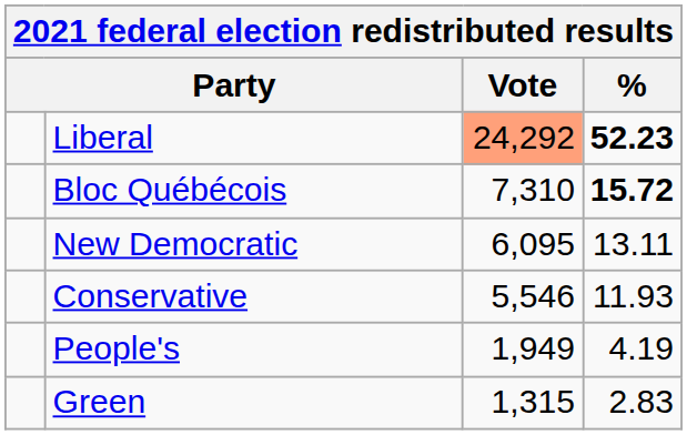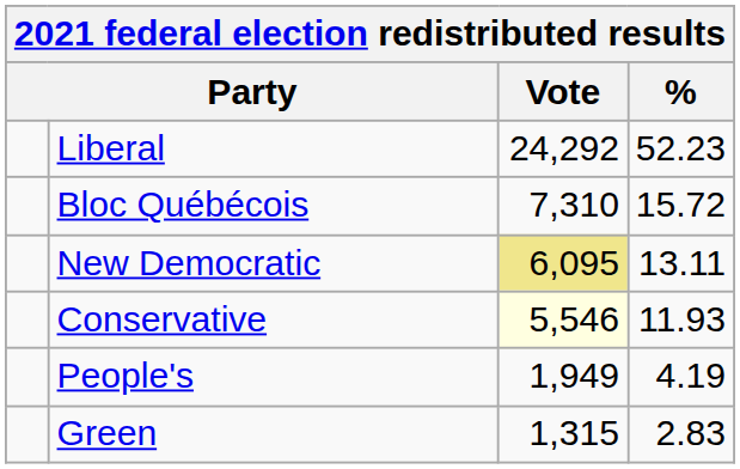 <table class="wikitable">
 <tr>
 <th colspan="4"><a href='#'>2021 federal election</a> redistributed results</th>
 </tr>
 <tr>
 <th bgcolor="#DDDDFF" width="130px" colspan="2">Party</th>
 <th bgcolor="#DDDDFF" width="50px">Vote</th>
 <th bgcolor="#DDDDFF" width="30px">%</th>
 </tr>
 <tr>
 <td> </td>
 <td><a href='#'>Liberal</a></td>
-<td align=right style="background: lightsalmon;">24,292</td>
-<td align=right><strong>52.23</strong></td>
+<td align=right>24,292</td>
+<td align=right>52.23</td>
 </tr>
 <tr>
 <td> </td>
 <td><a href='#'>Bloc Québécois</a></td>
 <td align=right>7,310</td>
-<td align=right><strong>15.72</strong></td>
+<td align=right>15.72</td>
 </tr>
 <tr>
 <td> </td>
 <td><a href='#'>New Democratic</a></td>
-<td align=right>6,095</td>
+<td align=right style="background: khaki;">6,095</td>
 <td align=right>13.11</td>
 </tr>
 <tr>
 <td> </td>
 <td><a href='#'>Conservative</a></td>
-<td align=right>5,546</td>
+<td align=right style="background: lightyellow;">5,546</td>
 <td align=right>11.93</td>
 </tr>
 <tr>
 <td> </td>
 <td><a href='#'>People's</a></td>
 <td align=right>1,949</td>
 <td align=right>4.19</td>
 </tr>
 <tr>
 <td> </td>
 <td><a href='#'>Green</a></td>
 <td align=right>1,315</td>
 <td align=right>2.83</td>
 </tr>
 </table>
